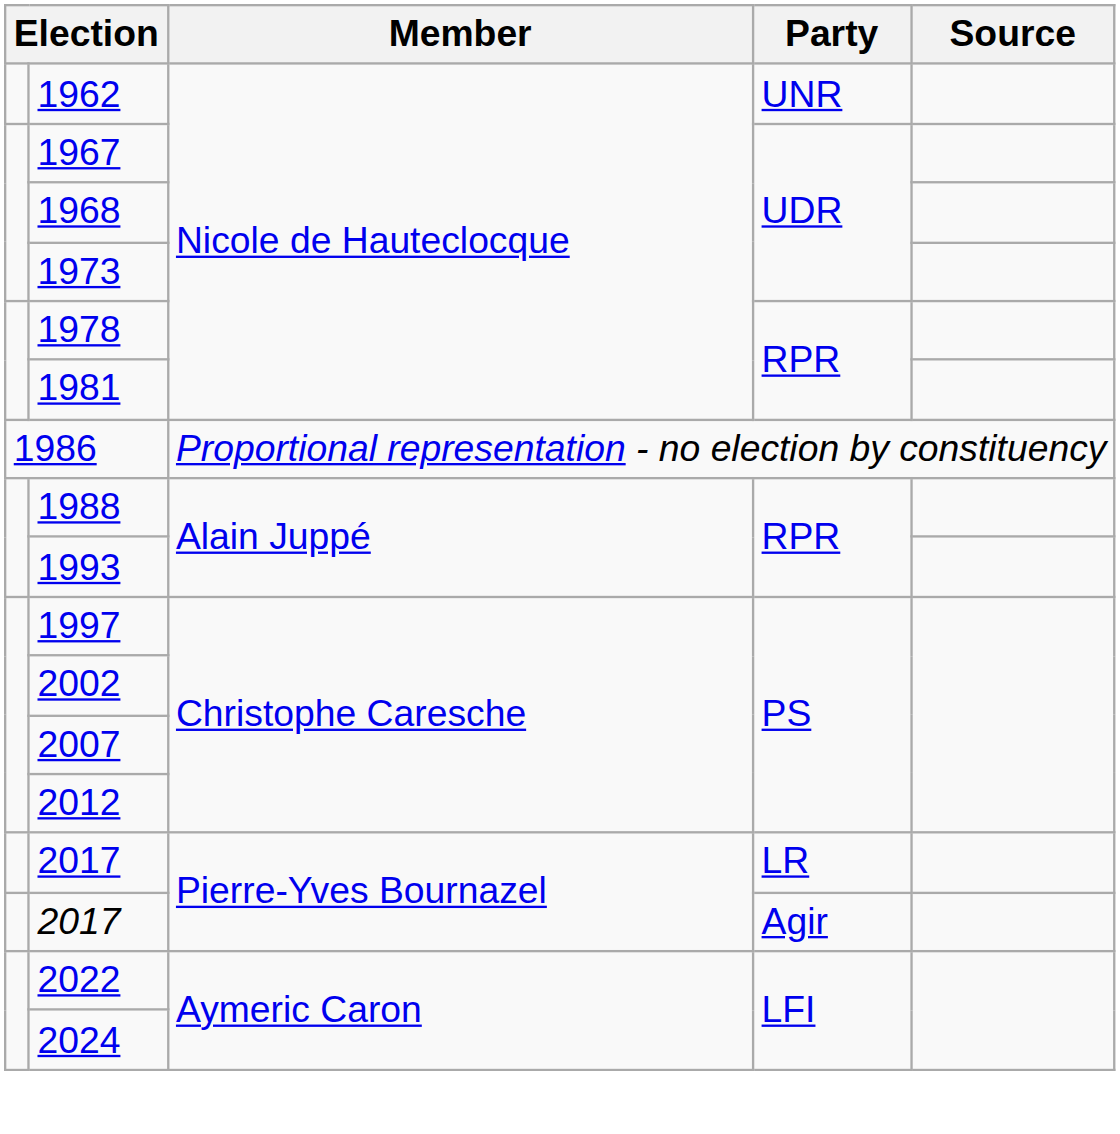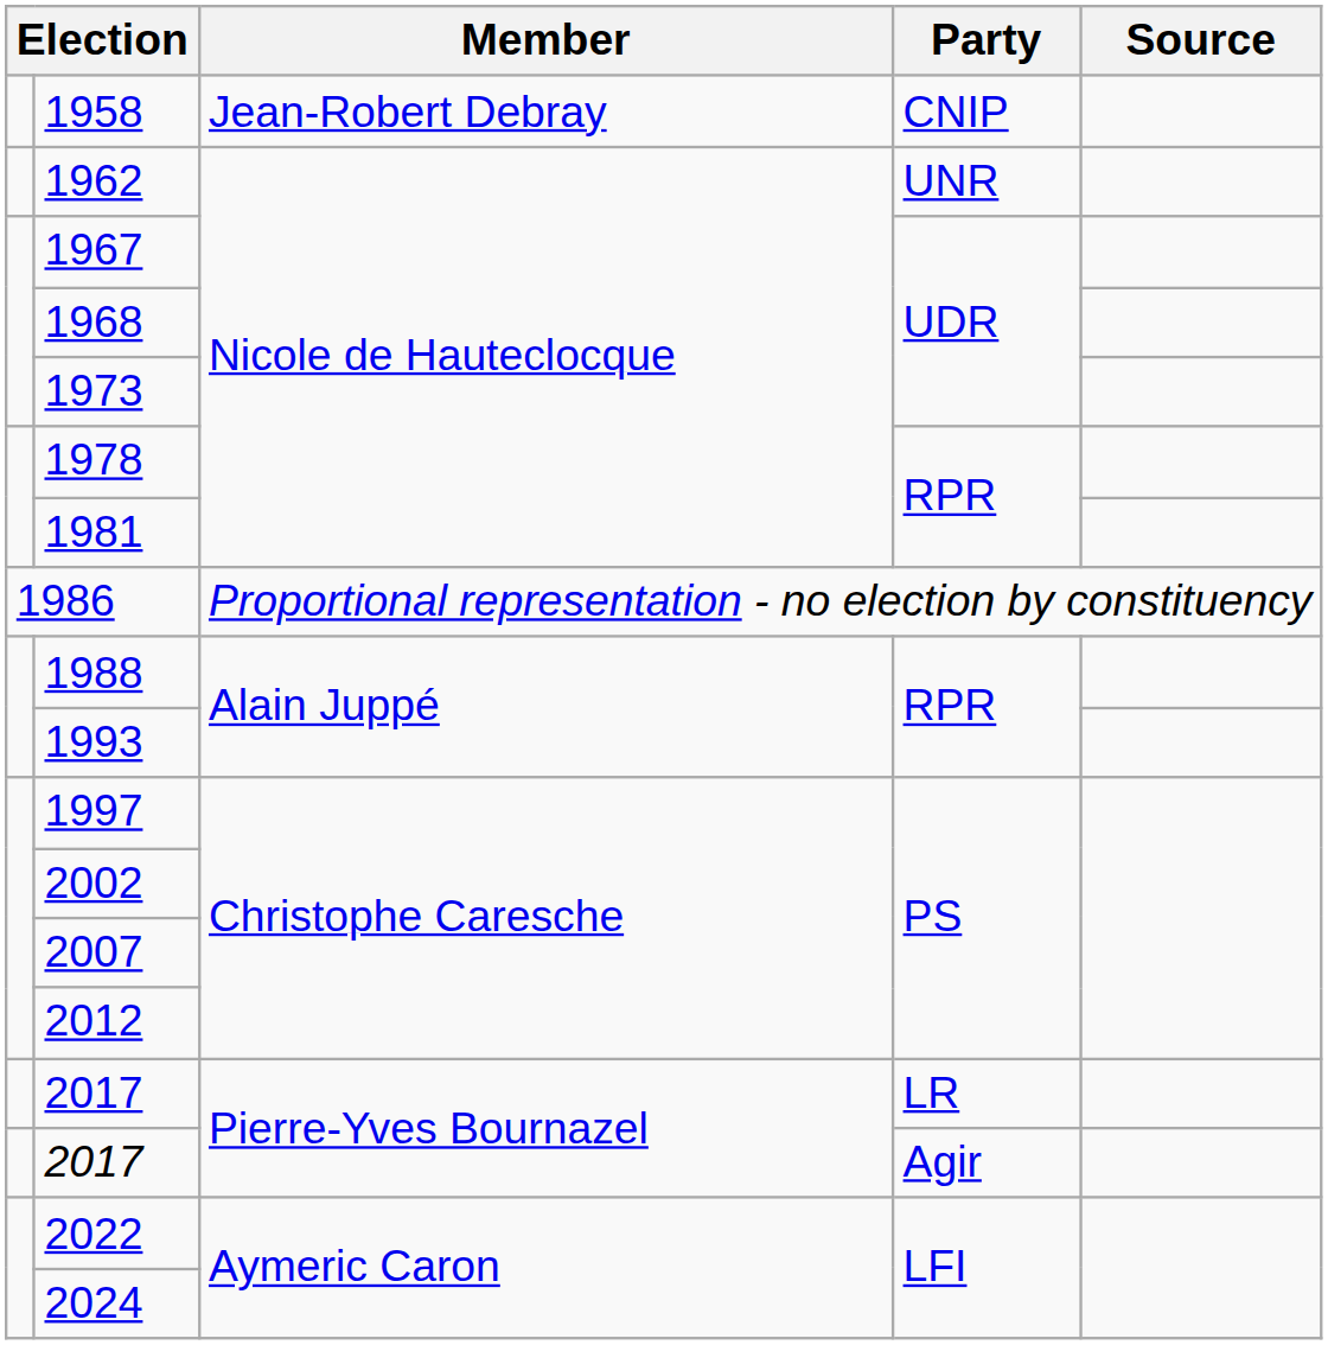 <table class="wikitable">
 <tr>
 <th colspan="2">Election</th>
 <th>Member</th>
 <th>Party</th>
 <th>Source</th>
+</tr>
+<tr>
+<td style="color:inherit;background-color: "></td>
+<td><a href='#'>1958</a></td>
+<td><a href='#'>Jean-Robert Debray</a></td>
+<td><a href='#'>CNIP</a></td>
+<td></td>
 </tr>
 <tr>
 <td style="color:inherit;background-color: "></td>
 <td><a href='#'>1962</a></td>
 <td rowspan="6"><a href='#'>Nicole de Hauteclocque</a></td>
 <td><a href='#'>UNR</a></td>
 <td></td>
 </tr>
 <tr>
 <td rowspan="3" style="color:inherit;background-color: "></td>
 <td><a href='#'>1967</a></td>
 <td rowspan="3"><a href='#'>UDR</a></td>
 <td></td>
 </tr>
 <tr>
 <td><a href='#'>1968</a></td>
 <td></td>
 </tr>
 <tr>
 <td><a href='#'>1973</a></td>
 <td></td>
 </tr>
 <tr>
 <td rowspan="2" style="color:inherit;background-color: "></td>
 <td><a href='#'>1978</a></td>
 <td rowspan="2"><a href='#'>RPR</a></td>
 <td></td>
 </tr>
 <tr>
 <td><a href='#'>1981</a></td>
 <td></td>
 </tr>
 <tr>
 <td colspan="2"><a href='#'>1986</a></td>
 <td colspan="3"><em><a href='#'>Proportional representation</a> - no election by constituency</em></td>
 </tr>
 <tr>
 <td rowspan="2" style="color:inherit;background-color: "></td>
 <td><a href='#'>1988</a></td>
 <td rowspan="2"><a href='#'>Alain Juppé</a></td>
 <td rowspan="2"><a href='#'>RPR</a></td>
 <td></td>
 </tr>
 <tr>
 <td><a href='#'>1993</a></td>
 <td></td>
 </tr>
 <tr>
 <td rowspan="4" style="color:inherit;background-color: "></td>
 <td><a href='#'>1997</a></td>
 <td rowspan="4"><a href='#'>Christophe Caresche</a></td>
 <td rowspan="4"><a href='#'>PS</a></td>
 <td rowspan="4"></td>
 </tr>
 <tr>
 <td><a href='#'>2002</a></td>
 </tr>
 <tr>
 <td><a href='#'>2007</a></td>
 </tr>
 <tr>
 <td><a href='#'>2012</a></td>
 </tr>
 <tr>
 <td style="color:inherit;background:"></td>
 <td><a href='#'>2017</a></td>
 <td rowspan="2"><a href='#'>Pierre-Yves Bournazel</a></td>
 <td><a href='#'>LR</a></td>
 <td></td>
 </tr>
 <tr>
 <td style="color:inherit;background:"></td>
 <td><em>2017</em></td>
 <td><a href='#'>Agir</a></td>
 <td></td>
 </tr>
 <tr>
 <td rowspan="2" style="color:inherit;background:"></td>
 <td><a href='#'>2022</a></td>
 <td rowspan="2"><a href='#'>Aymeric Caron</a></td>
 <td rowspan="2"><a href='#'>LFI</a></td>
 <td rowspan="2"></td>
 </tr>
 <tr>
 <td><a href='#'>2024</a></td>
 </tr>
 </table>
